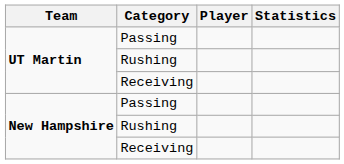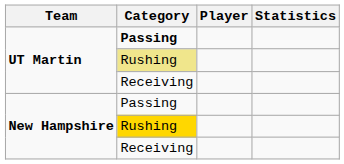 <table class="wikitable" style="float: right;">
 <tr>
 <th>Team</th>
 <th>Category</th>
 <th>Player</th>
 <th>Statistics</th>
 </tr>
 <tr>
 <td rowspan=3><strong>UT Martin</strong></td>
-<td>Passing</td>
+<td><strong>Passing</strong></td>
 <td></td>
 <td></td>
 </tr>
 <tr>
-<td>Rushing</td>
+<td style="background: khaki;">Rushing</td>
 <td></td>
 <td></td>
 </tr>
 <tr>
 <td>Receiving</td>
 <td></td>
 <td></td>
 </tr>
 <tr>
 <td rowspan=3><strong>New Hampshire</strong></td>
 <td>Passing</td>
 <td></td>
 <td></td>
 </tr>
 <tr>
-<td>Rushing</td>
+<td style="background: gold;">Rushing</td>
 <td></td>
 <td></td>
 </tr>
 <tr>
 <td>Receiving</td>
 <td></td>
 <td></td>
 </tr>
 </table>
